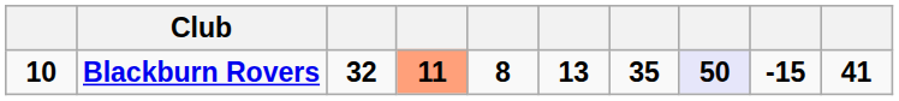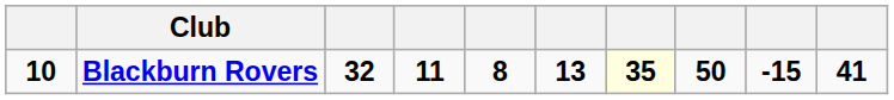 <table class="wikitable" style="text-align:center;border:1px solid #AAAAAA;font-size:90%">
 <tr>
 <th width=30></th>
 <th>Club</th>
 <th width=30></th>
 <th width=30></th>
 <th width=30></th>
 <th width=30></th>
 <th width=30></th>
 <th width=30></th>
 <th width=30></th>
 <th width=30></th>
 </tr>
 <tr>
 <td><strong>10</strong></td>
 <td align=left><strong><a href='#'>Blackburn Rovers</a></strong></td>
 <td><strong>32</strong></td>
-<td style="background: lightsalmon;"><strong>11</strong></td>
+<td><strong>11</strong></td>
 <td><strong>8</strong></td>
 <td><strong>13</strong></td>
-<td><strong>35</strong></td>
-<td style="background: lavender;"><strong>50</strong></td>
+<td style="background: lightyellow;"><strong>35</strong></td>
+<td><strong>50</strong></td>
 <td><strong>-15</strong></td>
 <td><strong>41</strong></td>
 </tr>
 </table>
